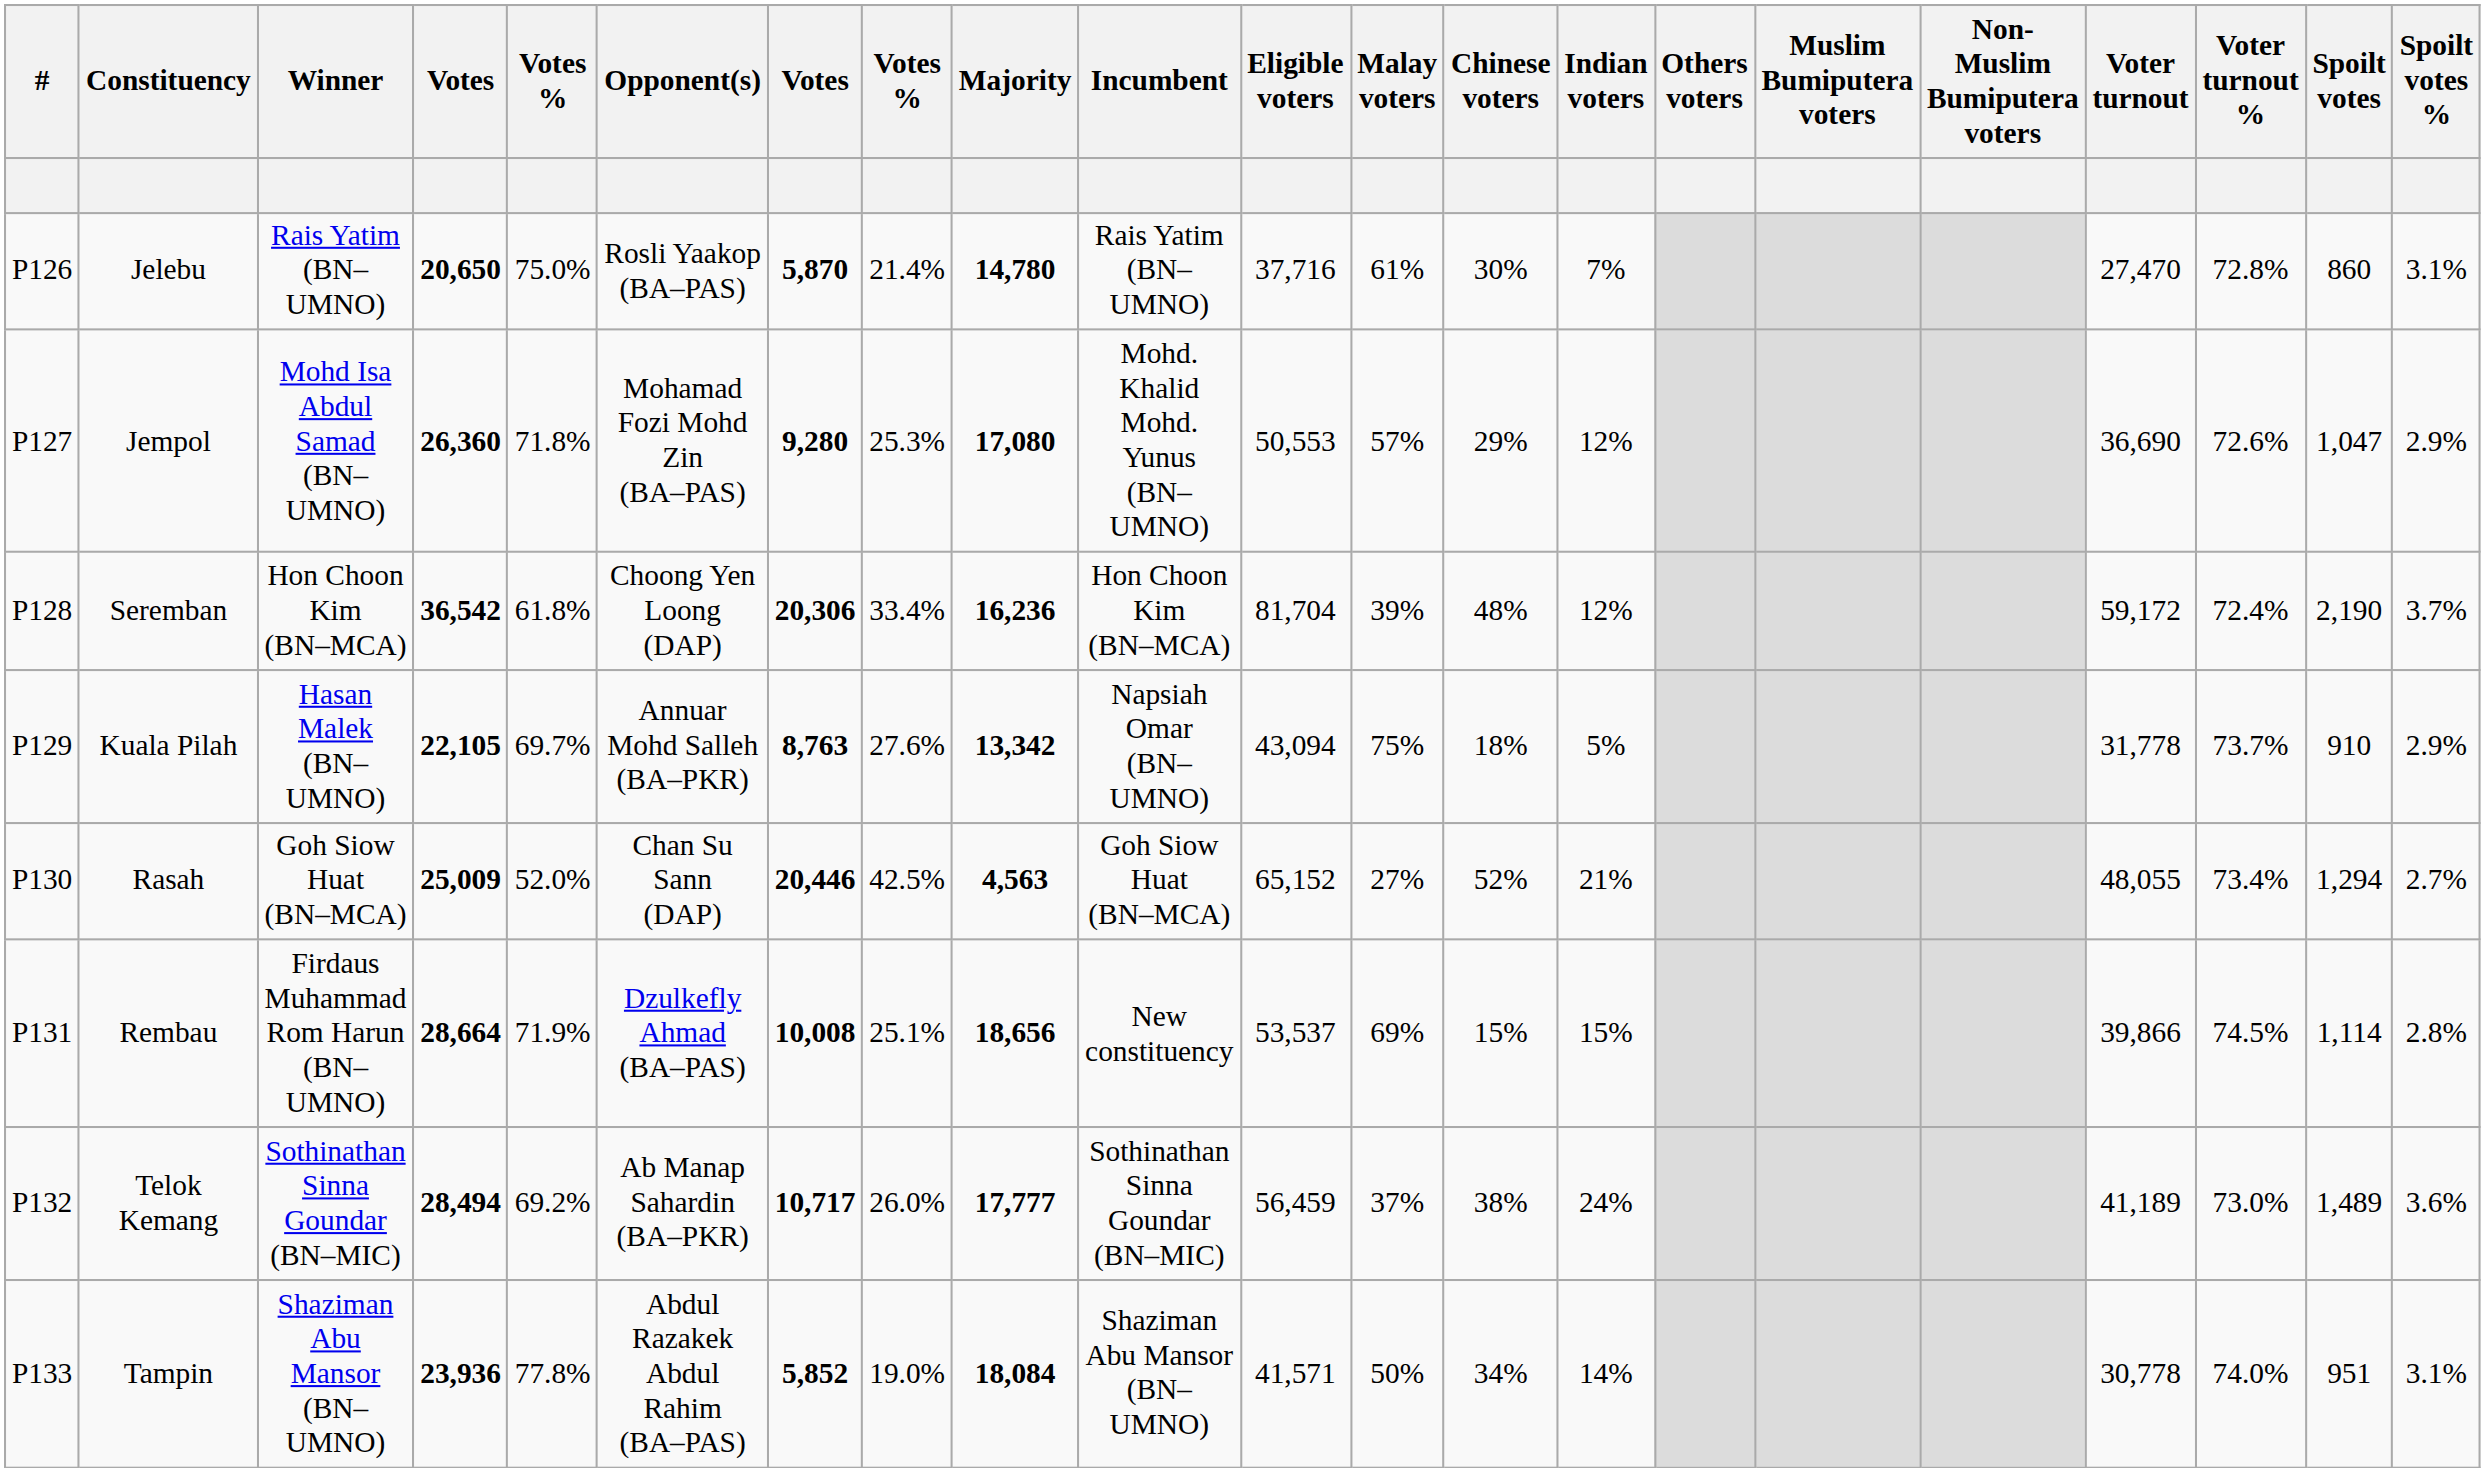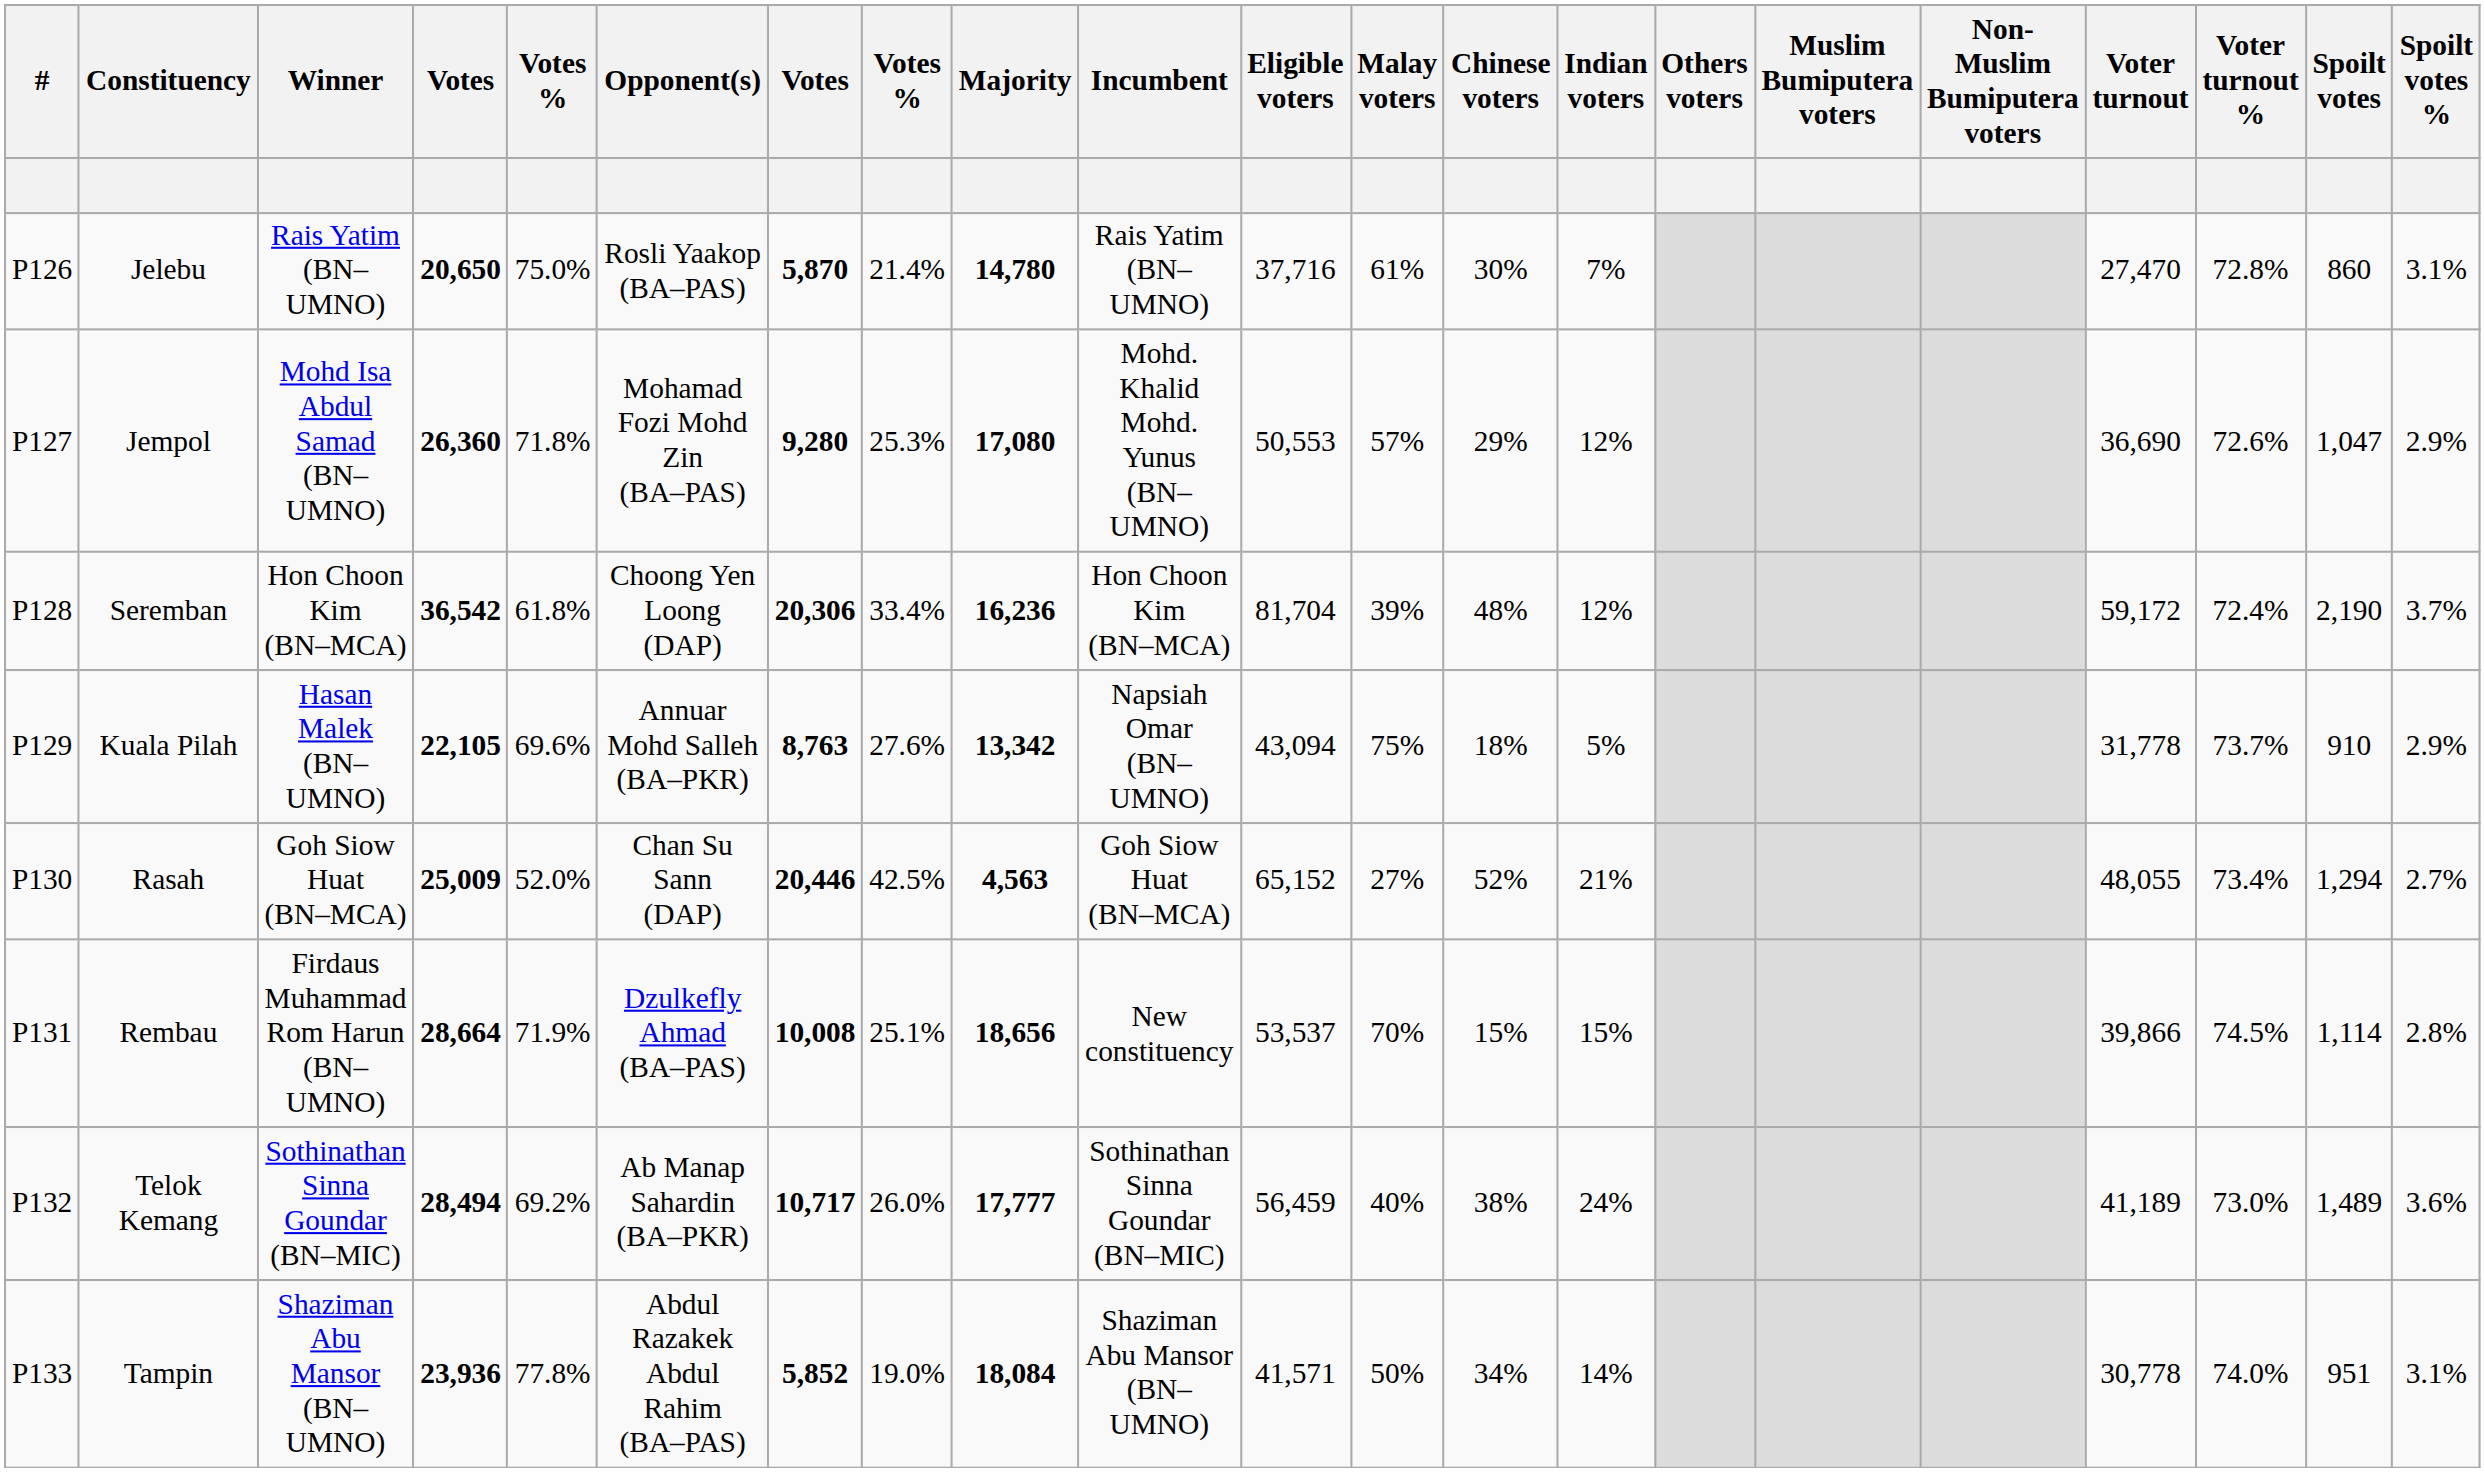 <table class="wikitable sortable" style="text-align:center; font-size:90%">
 <tr>
 <th width="30">#</th>
 <th width="60">Constituency</th>
 <th width="150">Winner</th>
 <th width="50">Votes</th>
 <th width="50">Votes %</th>
 <th width="150">Opponent(s)</th>
 <th width="50">Votes</th>
 <th width="50">Votes %</th>
 <th width="50">Majority</th>
 <th width="150">Incumbent</th>
 <th width="50">Eligible voters</th>
 <th width="50">Malay voters</th>
 <th width="50">Chinese voters</th>
 <th width="50">Indian voters</th>
 <th width="50">Others voters</th>
 <th width="50">Muslim Bumiputera voters</th>
 <th width="50">Non-Muslim Bumiputera voters</th>
 <th width="50">Voter turnout</th>
 <th width="50">Voter turnout %</th>
 <th width="50">Spoilt votes</th>
 <th width="50">Spoilt votes %</th>
 </tr>
 <tr>
 <th height="20"></th>
 <th></th>
 <th></th>
 <th></th>
 <th></th>
 <th></th>
 <th></th>
 <th></th>
 <th></th>
 <th></th>
 <th></th>
 <th></th>
 <th></th>
 <th></th>
 <th></th>
 <th></th>
 <th></th>
 <th></th>
 <th></th>
 <th></th>
 <th></th>
 </tr>
 <tr>
 <td>P126</td>
 <td>Jelebu</td>
 <td><a href='#'>Rais Yatim</a><br>(BN–UMNO)</td>
 <td><strong>20,650</strong></td>
 <td>75.0%</td>
 <td>Rosli Yaakop<br>(BA–PAS)</td>
 <td><strong>5,870</strong></td>
 <td>21.4%</td>
 <td><strong>14,780</strong></td>
 <td>Rais Yatim<br>(BN–UMNO)</td>
 <td>37,716</td>
 <td>61%</td>
 <td>30%</td>
 <td>7%</td>
 <td bgcolor="dcdcdc"></td>
 <td bgcolor="dcdcdc"></td>
 <td bgcolor="dcdcdc"></td>
 <td>27,470</td>
 <td>72.8%</td>
 <td>860</td>
 <td>3.1%</td>
 </tr>
 <tr>
 <td>P127</td>
 <td>Jempol</td>
 <td><a href='#'>Mohd Isa Abdul Samad</a><br>(BN–UMNO)</td>
 <td><strong>26,360</strong></td>
 <td>71.8%</td>
 <td>Mohamad Fozi Mohd Zin<br>(BA–PAS)</td>
 <td><strong>9,280</strong></td>
 <td>25.3%</td>
 <td><strong>17,080</strong></td>
 <td>Mohd. Khalid Mohd. Yunus<br>(BN–UMNO)</td>
 <td>50,553</td>
 <td>57%</td>
 <td>29%</td>
 <td>12%</td>
 <td bgcolor="dcdcdc"></td>
 <td bgcolor="dcdcdc"></td>
 <td bgcolor="dcdcdc"></td>
 <td>36,690</td>
 <td>72.6%</td>
 <td>1,047</td>
 <td>2.9%</td>
 </tr>
 <tr>
 <td>P128</td>
 <td>Seremban</td>
 <td>Hon Choon Kim<br>(BN–MCA)</td>
 <td><strong>36,542</strong></td>
 <td>61.8%</td>
 <td>Choong Yen Loong<br>(DAP)</td>
 <td><strong>20,306</strong></td>
 <td>33.4%</td>
 <td><strong>16,236</strong></td>
 <td>Hon Choon Kim<br>(BN–MCA)</td>
 <td>81,704</td>
 <td>39%</td>
 <td>48%</td>
 <td>12%</td>
 <td bgcolor="dcdcdc"></td>
 <td bgcolor="dcdcdc"></td>
 <td bgcolor="dcdcdc"></td>
 <td>59,172</td>
 <td>72.4%</td>
 <td>2,190</td>
 <td>3.7%</td>
 </tr>
 <tr>
 <td>P129</td>
 <td>Kuala Pilah</td>
 <td><a href='#'>Hasan Malek</a><br>(BN–UMNO)</td>
 <td><strong>22,105</strong></td>
-<td>69.7%</td>
+<td>69.6%</td>
 <td>Annuar Mohd Salleh<br>(BA–PKR)</td>
 <td><strong>8,763</strong></td>
 <td>27.6%</td>
 <td><strong>13,342</strong></td>
 <td>Napsiah Omar<br>(BN–UMNO)</td>
 <td>43,094</td>
 <td>75%</td>
 <td>18%</td>
 <td>5%</td>
 <td bgcolor="dcdcdc"></td>
 <td bgcolor="dcdcdc"></td>
 <td bgcolor="dcdcdc"></td>
 <td>31,778</td>
 <td>73.7%</td>
 <td>910</td>
 <td>2.9%</td>
 </tr>
 <tr>
 <td>P130</td>
 <td>Rasah</td>
 <td>Goh Siow Huat<br>(BN–MCA)</td>
 <td><strong>25,009</strong></td>
 <td>52.0%</td>
 <td>Chan Su Sann<br>(DAP)</td>
 <td><strong>20,446</strong></td>
 <td>42.5%</td>
 <td><strong>4,563</strong></td>
 <td>Goh Siow Huat<br>(BN–MCA)</td>
 <td>65,152</td>
 <td>27%</td>
 <td>52%</td>
 <td>21%</td>
 <td bgcolor="dcdcdc"></td>
 <td bgcolor="dcdcdc"></td>
 <td bgcolor="dcdcdc"></td>
 <td>48,055</td>
 <td>73.4%</td>
 <td>1,294</td>
 <td>2.7%</td>
 </tr>
 <tr>
 <td>P131</td>
 <td>Rembau</td>
 <td>Firdaus Muhammad Rom Harun<br>(BN–UMNO)</td>
 <td><strong>28,664</strong></td>
 <td>71.9%</td>
 <td><a href='#'>Dzulkefly Ahmad</a><br>(BA–PAS)</td>
 <td><strong>10,008</strong></td>
 <td>25.1%</td>
 <td><strong>18,656</strong></td>
 <td>New constituency</td>
 <td>53,537</td>
-<td>69%</td>
+<td>70%</td>
 <td>15%</td>
 <td>15%</td>
 <td bgcolor="dcdcdc"></td>
 <td bgcolor="dcdcdc"></td>
 <td bgcolor="dcdcdc"></td>
 <td>39,866</td>
 <td>74.5%</td>
 <td>1,114</td>
 <td>2.8%</td>
 </tr>
 <tr>
 <td>P132</td>
 <td>Telok Kemang</td>
 <td><a href='#'>Sothinathan Sinna Goundar</a><br>(BN–MIC)</td>
 <td><strong>28,494</strong></td>
 <td>69.2%</td>
 <td>Ab Manap Sahardin<br>(BA–PKR)</td>
 <td><strong>10,717</strong></td>
 <td>26.0%</td>
 <td><strong>17,777</strong></td>
 <td>Sothinathan Sinna Goundar<br>(BN–MIC)</td>
 <td>56,459</td>
-<td>37%</td>
+<td>40%</td>
 <td>38%</td>
 <td>24%</td>
 <td bgcolor="dcdcdc"></td>
 <td bgcolor="dcdcdc"></td>
 <td bgcolor="dcdcdc"></td>
 <td>41,189</td>
 <td>73.0%</td>
 <td>1,489</td>
 <td>3.6%</td>
 </tr>
 <tr>
 <td>P133</td>
 <td>Tampin</td>
 <td><a href='#'>Shaziman Abu Mansor</a><br>(BN–UMNO)</td>
 <td><strong>23,936</strong></td>
 <td>77.8%</td>
 <td>Abdul Razakek Abdul Rahim<br>(BA–PAS)</td>
 <td><strong>5,852</strong></td>
 <td>19.0%</td>
 <td><strong>18,084</strong></td>
 <td>Shaziman Abu Mansor<br>(BN–UMNO)</td>
 <td>41,571</td>
 <td>50%</td>
 <td>34%</td>
 <td>14%</td>
 <td bgcolor="dcdcdc"></td>
 <td bgcolor="dcdcdc"></td>
 <td bgcolor="dcdcdc"></td>
 <td>30,778</td>
 <td>74.0%</td>
 <td>951</td>
 <td>3.1%</td>
 </tr>
 </table>
